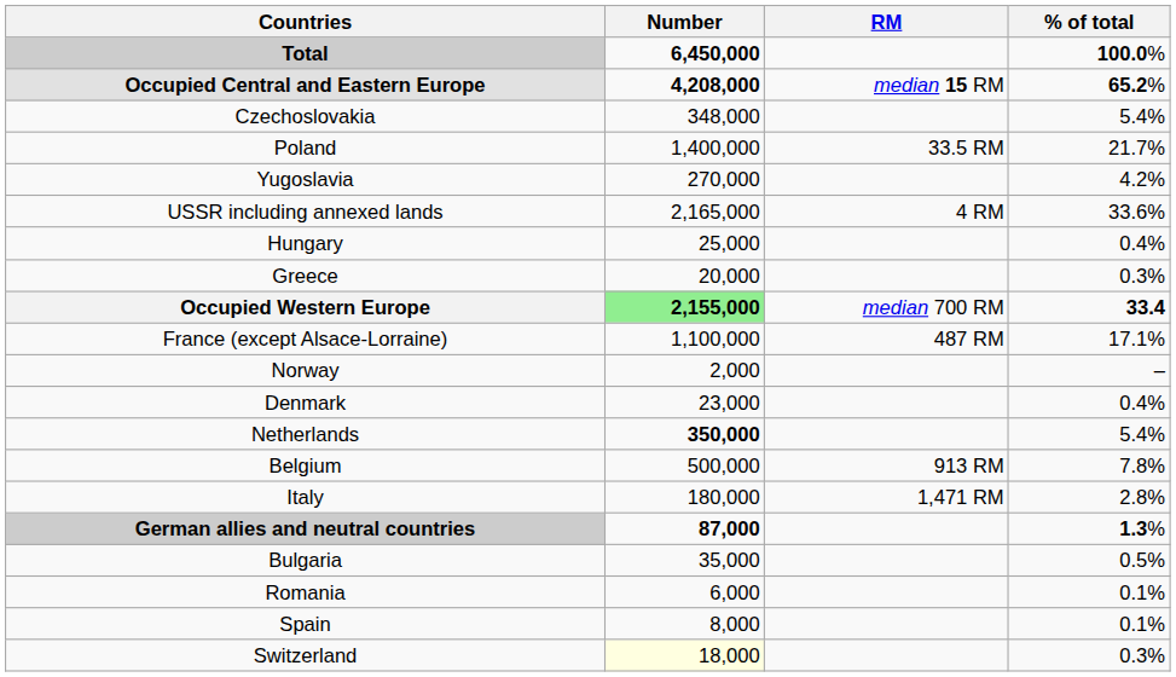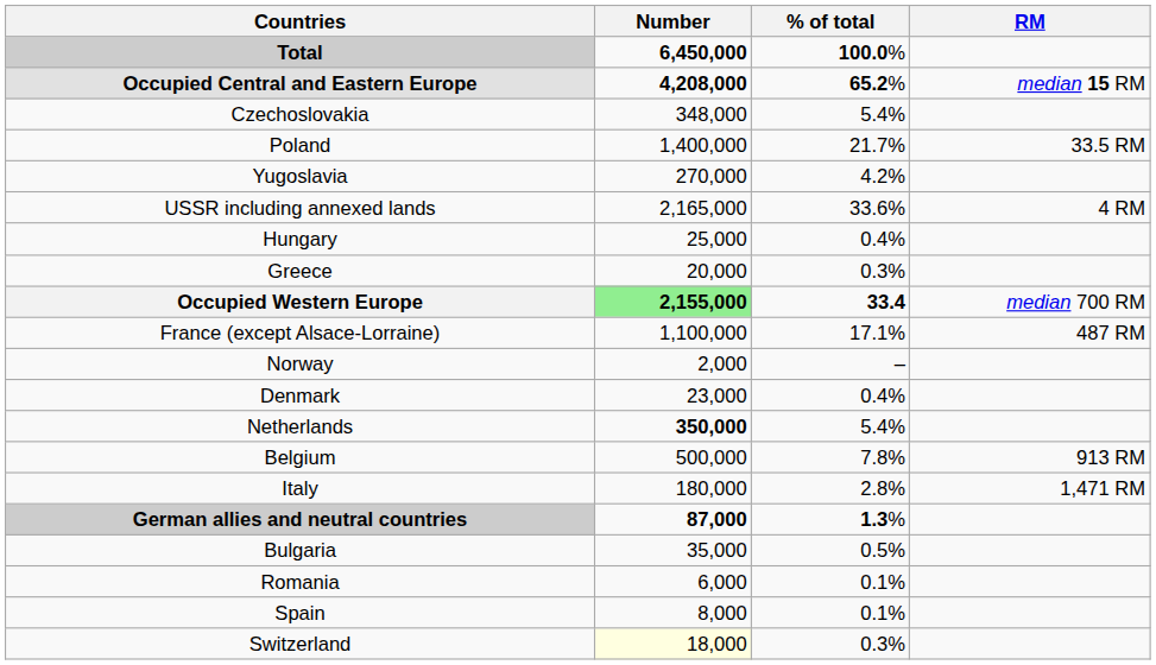 <table class="wikitable" width="70%" style="font-size:95%; text-align:right;">
 <tr>
 <th>Countries</th>
 <th>Number</th>
+<th>% of total</th>
 <th><a href='#'>RM</a></th>
-<th>% of total</th>
 </tr>
 <tr>
 <th style="background:#CCCCCC;">Total</th>
 <td><strong>6,450,000</strong></td>
+<td><strong>100.0</strong>%</td>
 <td></td>
-<td><strong>100.0</strong>%</td>
 </tr>
 <tr>
 <th style="background:#E1E1E1;">Occupied Central and Eastern Europe</th>
 <td><strong>4,208,000</strong></td>
+<td><strong>65.2</strong>%</td>
 <td><em><a href='#'>median</a></em> <strong>15</strong> RM</td>
-<td><strong>65.2</strong>%</td>
 </tr>
 <tr>
 <td align="center">Czechoslovakia</td>
 <td>348,000</td>
+<td>5.4%</td>
 <td></td>
-<td>5.4%</td>
 </tr>
 <tr>
 <td align="center">Poland</td>
 <td>1,400,000</td>
+<td>21.7%</td>
 <td>33.5 RM</td>
-<td>21.7%</td>
 </tr>
 <tr>
 <td align="center">Yugoslavia</td>
 <td>270,000</td>
+<td>4.2%</td>
 <td></td>
-<td>4.2%</td>
 </tr>
 <tr>
 <td align="center">USSR including annexed lands</td>
 <td>2,165,000</td>
+<td>33.6%</td>
 <td>4 RM</td>
-<td>33.6%</td>
 </tr>
 <tr>
 <td align="center">Hungary</td>
 <td>25,000</td>
+<td>0.4%</td>
 <td></td>
-<td>0.4%</td>
 </tr>
 <tr>
 <td align="center">Greece</td>
 <td>20,000</td>
+<td>0.3%</td>
 <td></td>
-<td>0.3%</td>
 </tr>
 <tr>
 <th style=“background:#E1E1E1;”>Occupied Western Europe</th>
 <td style="background: lightgreen;"><strong>2,155,000</strong></td>
+<td><strong>33.4</strong></td>
 <td><em><a href='#'>median</a></em> 700 RM</td>
-<td><strong>33.4</strong></td>
 </tr>
 <tr>
 <td align="center">France (except Alsace-Lorraine)</td>
 <td>1,100,000</td>
+<td>17.1%</td>
 <td>487 RM</td>
-<td>17.1%</td>
 </tr>
 <tr>
 <td align="center">Norway</td>
 <td>2,000</td>
+<td>–</td>
 <td></td>
-<td>–</td>
 </tr>
 <tr>
 <td align="center">Denmark</td>
 <td>23,000</td>
+<td>0.4%</td>
 <td></td>
-<td>0.4%</td>
 </tr>
 <tr>
 <td align="center">Netherlands</td>
 <td><strong>350,000</strong></td>
+<td>5.4%</td>
 <td></td>
-<td>5.4%</td>
 </tr>
 <tr>
 <td align="center">Belgium</td>
 <td>500,000</td>
+<td>7.8%</td>
 <td>913 RM</td>
-<td>7.8%</td>
 </tr>
 <tr>
 <td align="center">Italy</td>
 <td>180,000</td>
+<td>2.8%</td>
 <td>1,471 RM</td>
-<td>2.8%</td>
 </tr>
 <tr>
 <th style="background:#CCCCCC;">German allies and neutral countries</th>
 <td><strong>87,000</strong></td>
+<td><strong>1.3</strong>%</td>
 <td></td>
-<td><strong>1.3</strong>%</td>
 </tr>
 <tr>
 <td align="center">Bulgaria</td>
 <td>35,000</td>
+<td>0.5%</td>
 <td></td>
-<td>0.5%</td>
 </tr>
 <tr>
 <td align="center">Romania</td>
 <td>6,000</td>
+<td>0.1%</td>
 <td></td>
-<td>0.1%</td>
 </tr>
 <tr>
 <td align="center">Spain</td>
 <td>8,000</td>
+<td>0.1%</td>
 <td></td>
-<td>0.1%</td>
 </tr>
 <tr>
 <td align="center">Switzerland</td>
 <td style="background: lightyellow;">18,000</td>
+<td>0.3%</td>
 <td></td>
-<td>0.3%</td>
 </tr>
 </table>
